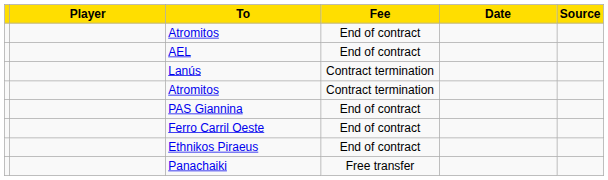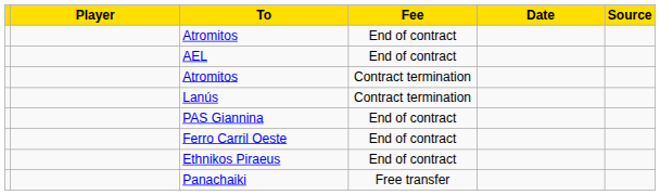 <table class="wikitable sortable">
 <tr>
 <th style="background:#FFDE00"></th>
 <th width=200 style="background:#FFDE00">Player</th>
 <th width=200 style="background:#FFDE00">To</th>
 <th width=150 style="background:#FFDE00">Fee</th>
 <th width=150 style="background:#FFDE00">Date</th>
 <th style="background:#FFDE00">Source</th>
 </tr>
 <tr>
 <td align=center></td>
 <td></td>
 <td> <a href='#'>Atromitos</a></td>
 <td align=center>End of contract</td>
 <td align=center></td>
 <td align=center></td>
 </tr>
 <tr>
 <td align=center></td>
 <td></td>
 <td> <a href='#'>AEL</a></td>
 <td align=center>End of contract</td>
 <td align=center></td>
 <td align=center></td>
 </tr>
 <tr>
 <td align=center></td>
 <td></td>
-<td> <a href='#'>Lanús</a></td>
+<td> <a href='#'>Atromitos</a></td>
 <td align=center>Contract termination</td>
 <td align=center></td>
 <td align=center></td>
 </tr>
 <tr>
 <td align=center></td>
 <td></td>
-<td> <a href='#'>Atromitos</a></td>
+<td> <a href='#'>Lanús</a></td>
 <td align=center>Contract termination</td>
 <td align=center></td>
 <td align=center></td>
 </tr>
 <tr>
 <td align=center></td>
 <td></td>
 <td> <a href='#'>PAS Giannina</a></td>
 <td align=center>End of contract</td>
 <td align=center></td>
 <td align=center></td>
 </tr>
 <tr>
 <td align=center></td>
 <td></td>
 <td> <a href='#'>Ferro Carril Oeste</a></td>
 <td align=center>End of contract</td>
 <td align=center></td>
 <td align=center></td>
 </tr>
 <tr>
 <td align=center></td>
 <td></td>
 <td> <a href='#'>Ethnikos Piraeus</a></td>
 <td align=center>End of contract</td>
 <td align=center></td>
 <td align=center></td>
 </tr>
 <tr>
 <td align=center></td>
 <td></td>
 <td> <a href='#'>Panachaiki</a></td>
 <td align=center>Free transfer</td>
 <td align=center></td>
 <td align=center></td>
 </tr>
 </table>
